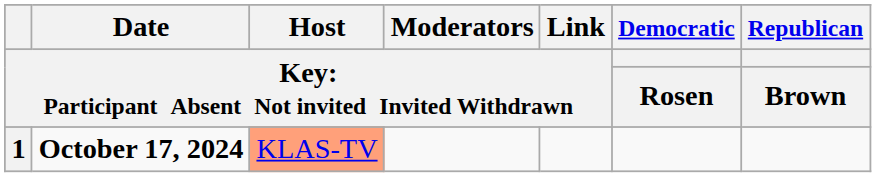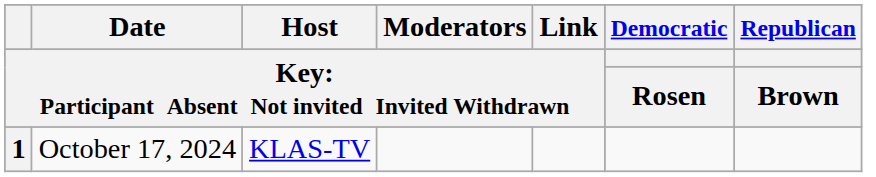 <table class="wikitable" style="text-align:center;">
 <tr>
 <th scope="col"></th>
 <th scope="col">Date</th>
 <th scope="col">Host</th>
 <th scope="col">Moderators</th>
 <th scope="col">Link</th>
 <th scope="col"><small><a href='#'>Democratic</a></small></th>
 <th scope="col"><small><a href='#'>Republican</a></small></th>
 </tr>
 <tr>
 <th colspan="5" rowspan="2">Key:<br> <small>Participant </small>  <small>Absent </small>  <small>Not invited </small>  <small>Invited  Withdrawn</small></th>
 <th scope="col" style="background:"></th>
 <th scope="col" style="background:"></th>
 </tr>
 <tr>
 <th scope="col">Rosen</th>
 <th scope="col">Brown</th>
 </tr>
 <tr>
 <th>1</th>
-<td style="white-space:nowrap;"><strong>October 17, 2024</strong></td>
-<td style="background: lightsalmon; white-space:nowrap;"><a href='#'>KLAS-TV</a></td>
+<td style="white-space:nowrap;">October 17, 2024</td>
+<td style="white-space:nowrap;"><a href='#'>KLAS-TV</a></td>
 <td style="white-space:nowrap;"></td>
 <td style="white-space:nowrap;"></td>
 <td></td>
 <td></td>
 </tr>
 </table>
